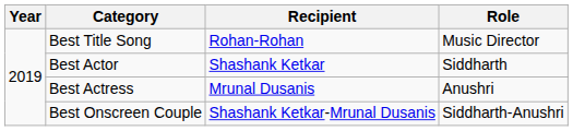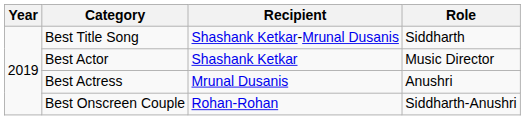 <table class="wikitable">
 <tr>
 <th>Year</th>
 <th>Category</th>
 <th>Recipient</th>
 <th>Role</th>
 </tr>
 <tr>
 <td rowspan="4">2019</td>
 <td>Best Title Song</td>
-<td><a href='#'>Rohan-Rohan</a></td>
-<td>Music Director</td>
+<td><a href='#'>Shashank Ketkar</a>-<a href='#'>Mrunal Dusanis</a></td>
+<td>Siddharth</td>
 </tr>
 <tr>
 <td>Best Actor</td>
 <td><a href='#'>Shashank Ketkar</a></td>
-<td>Siddharth</td>
+<td>Music Director</td>
 </tr>
 <tr>
 <td>Best Actress</td>
 <td><a href='#'>Mrunal Dusanis</a></td>
 <td>Anushri</td>
 </tr>
 <tr>
 <td>Best Onscreen Couple</td>
-<td><a href='#'>Shashank Ketkar</a>-<a href='#'>Mrunal Dusanis</a></td>
+<td><a href='#'>Rohan-Rohan</a></td>
 <td>Siddharth-Anushri</td>
 </tr>
 </table>
